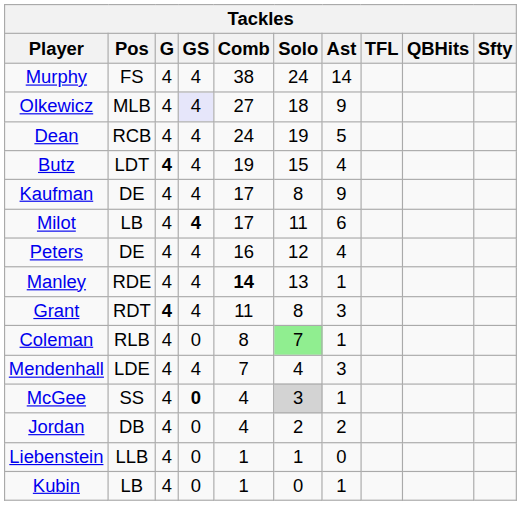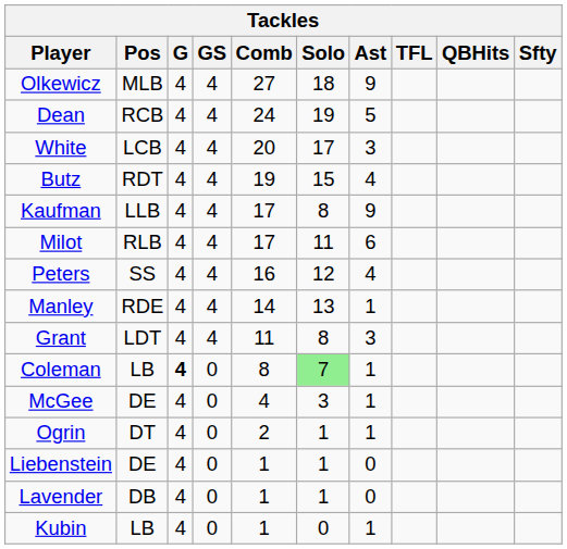 <table class="wikitable" style="text-align:center">
 <tr>
 <th colspan="10">Tackles</th>
 </tr>
 <tr>
 <th>Player</th>
 <th>Pos</th>
 <th>G</th>
 <th>GS</th>
 <th>Comb</th>
 <th>Solo</th>
 <th>Ast</th>
 <th>TFL</th>
 <th>QBHits</th>
 <th>Sfty</th>
 </tr>
 <tr>
-<td><a href='#'>Murphy</a></td>
-<td>FS</td>
-<td>4</td>
-<td>4</td>
-<td>38</td>
-<td>24</td>
-<td>14</td>
-<td></td>
-<td></td>
-<td></td>
-</tr>
-<tr>
 <td><a href='#'>Olkewicz</a></td>
 <td>MLB</td>
 <td>4</td>
-<td style="background: lavender;">4</td>
+<td>4</td>
 <td>27</td>
 <td>18</td>
 <td>9</td>
 <td></td>
 <td></td>
 <td></td>
 </tr>
 <tr>
 <td><a href='#'>Dean</a></td>
 <td>RCB</td>
 <td>4</td>
 <td>4</td>
 <td>24</td>
 <td>19</td>
 <td>5</td>
 <td></td>
 <td></td>
 <td></td>
 </tr>
 <tr>
+<td><a href='#'>White</a></td>
+<td>LCB</td>
+<td>4</td>
+<td>4</td>
+<td>20</td>
+<td>17</td>
+<td>3</td>
+<td></td>
+<td></td>
+<td></td>
+</tr>
+<tr>
 <td><a href='#'>Butz</a></td>
-<td>LDT</td>
-<td><strong>4</strong></td>
+<td>RDT</td>
+<td>4</td>
 <td>4</td>
 <td>19</td>
 <td>15</td>
 <td>4</td>
 <td></td>
 <td></td>
 <td></td>
 </tr>
 <tr>
 <td><a href='#'>Kaufman</a></td>
-<td>DE</td>
+<td>LLB</td>
 <td>4</td>
 <td>4</td>
 <td>17</td>
 <td>8</td>
 <td>9</td>
 <td></td>
 <td></td>
 <td></td>
 </tr>
 <tr>
 <td><a href='#'>Milot</a></td>
-<td>LB</td>
+<td>RLB</td>
 <td>4</td>
-<td><strong>4</strong></td>
+<td>4</td>
 <td>17</td>
 <td>11</td>
 <td>6</td>
 <td></td>
 <td></td>
 <td></td>
 </tr>
 <tr>
 <td><a href='#'>Peters</a></td>
-<td>DE</td>
+<td>SS</td>
 <td>4</td>
 <td>4</td>
 <td>16</td>
 <td>12</td>
 <td>4</td>
 <td></td>
 <td></td>
 <td></td>
 </tr>
 <tr>
 <td><a href='#'>Manley</a></td>
 <td>RDE</td>
 <td>4</td>
 <td>4</td>
-<td><strong>14</strong></td>
+<td>14</td>
 <td>13</td>
 <td>1</td>
 <td></td>
 <td></td>
 <td></td>
 </tr>
 <tr>
 <td><a href='#'>Grant</a></td>
-<td>RDT</td>
-<td><strong>4</strong></td>
+<td>LDT</td>
+<td>4</td>
 <td>4</td>
 <td>11</td>
 <td>8</td>
 <td>3</td>
 <td></td>
 <td></td>
 <td></td>
 </tr>
 <tr>
 <td><a href='#'>Coleman</a></td>
-<td>RLB</td>
-<td>4</td>
+<td>LB</td>
+<td><strong>4</strong></td>
 <td>0</td>
 <td>8</td>
 <td style="background: lightgreen;">7</td>
 <td>1</td>
 <td></td>
 <td></td>
 <td></td>
 </tr>
 <tr>
-<td><a href='#'>Mendenhall</a></td>
-<td>LDE</td>
+<td><a href='#'>McGee</a></td>
+<td>DE</td>
 <td>4</td>
-<td>4</td>
-<td>7</td>
+<td>0</td>
 <td>4</td>
 <td>3</td>
-<td></td>
-<td></td>
-<td></td>
-</tr>
-<tr>
-<td><a href='#'>McGee</a></td>
-<td>SS</td>
-<td>4</td>
-<td><strong>0</strong></td>
-<td>4</td>
-<td style="background: lightgrey;">3</td>
 <td>1</td>
 <td></td>
 <td></td>
 <td></td>
 </tr>
 <tr>
-<td><a href='#'>Jordan</a></td>
-<td>DB</td>
+<td><a href='#'>Ogrin</a></td>
+<td>DT</td>
 <td>4</td>
 <td>0</td>
-<td>4</td>
 <td>2</td>
-<td>2</td>
+<td>1</td>
+<td>1</td>
 <td></td>
 <td></td>
 <td></td>
 </tr>
 <tr>
 <td><a href='#'>Liebenstein</a></td>
-<td>LLB</td>
+<td>DE</td>
+<td>4</td>
+<td>0</td>
+<td>1</td>
+<td>1</td>
+<td>0</td>
+<td></td>
+<td></td>
+<td></td>
+</tr>
+<tr>
+<td><a href='#'>Lavender</a></td>
+<td>DB</td>
 <td>4</td>
 <td>0</td>
 <td>1</td>
 <td>1</td>
 <td>0</td>
 <td></td>
 <td></td>
 <td></td>
 </tr>
 <tr>
 <td><a href='#'>Kubin</a></td>
 <td>LB</td>
 <td>4</td>
 <td>0</td>
 <td>1</td>
 <td>0</td>
 <td>1</td>
 <td></td>
 <td></td>
 <td></td>
 </tr>
 </table>
